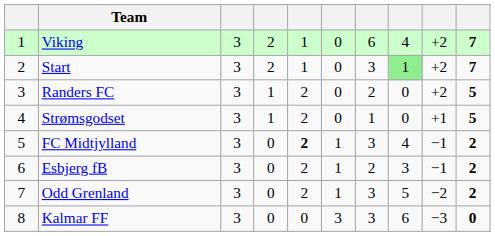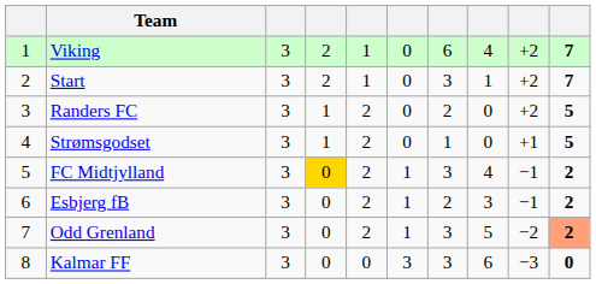 <table class="wikitable" style="text-align: center; font-size: 90%;">
 <tr>
 <th width=25></th>
 <th width=165>Team</th>
 <th width=25></th>
 <th width=25></th>
 <th width=25></th>
 <th width=25></th>
 <th width=25></th>
 <th width=25></th>
 <th width=25></th>
 <th width=25></th>
 </tr>
 <tr bgcolor="#ccffcc">
 <td>1</td>
 <td align="left"> <a href='#'>Viking</a></td>
 <td>3</td>
 <td>2</td>
 <td>1</td>
 <td>0</td>
 <td>6</td>
 <td>4</td>
 <td>+2</td>
 <td><strong>7</strong></td>
 </tr>
 <tr>
 <td>2</td>
 <td align="left"> <a href='#'>Start</a></td>
 <td>3</td>
 <td>2</td>
 <td>1</td>
 <td>0</td>
 <td>3</td>
-<td style="background: lightgreen;">1</td>
+<td>1</td>
 <td>+2</td>
 <td><strong>7</strong></td>
 </tr>
 <tr>
 <td>3</td>
 <td align="left"> <a href='#'>Randers FC</a></td>
 <td>3</td>
 <td>1</td>
 <td>2</td>
 <td>0</td>
 <td>2</td>
 <td>0</td>
 <td>+2</td>
 <td><strong>5</strong></td>
 </tr>
 <tr>
 <td>4</td>
 <td align="left"> <a href='#'>Strømsgodset</a></td>
 <td>3</td>
 <td>1</td>
 <td>2</td>
 <td>0</td>
 <td>1</td>
 <td>0</td>
 <td>+1</td>
 <td><strong>5</strong></td>
 </tr>
 <tr>
 <td>5</td>
 <td align="left"> <a href='#'>FC Midtjylland</a></td>
 <td>3</td>
-<td>0</td>
-<td><strong>2</strong></td>
+<td style="background: gold;">0</td>
+<td>2</td>
 <td>1</td>
 <td>3</td>
 <td>4</td>
 <td>−1</td>
 <td><strong>2</strong></td>
 </tr>
 <tr>
 <td>6</td>
 <td align="left"> <a href='#'>Esbjerg fB</a></td>
 <td>3</td>
 <td>0</td>
 <td>2</td>
 <td>1</td>
 <td>2</td>
 <td>3</td>
 <td>−1</td>
 <td><strong>2</strong></td>
 </tr>
 <tr>
 <td>7</td>
 <td align="left"> <a href='#'>Odd Grenland</a></td>
 <td>3</td>
 <td>0</td>
 <td>2</td>
 <td>1</td>
 <td>3</td>
 <td>5</td>
 <td>−2</td>
-<td><strong>2</strong></td>
+<td style="background: lightsalmon;"><strong>2</strong></td>
 </tr>
 <tr>
 <td>8</td>
 <td align="left"> <a href='#'>Kalmar FF</a></td>
 <td>3</td>
 <td>0</td>
 <td>0</td>
 <td>3</td>
 <td>3</td>
 <td>6</td>
 <td>−3</td>
 <td><strong>0</strong></td>
 </tr>
 </table>
